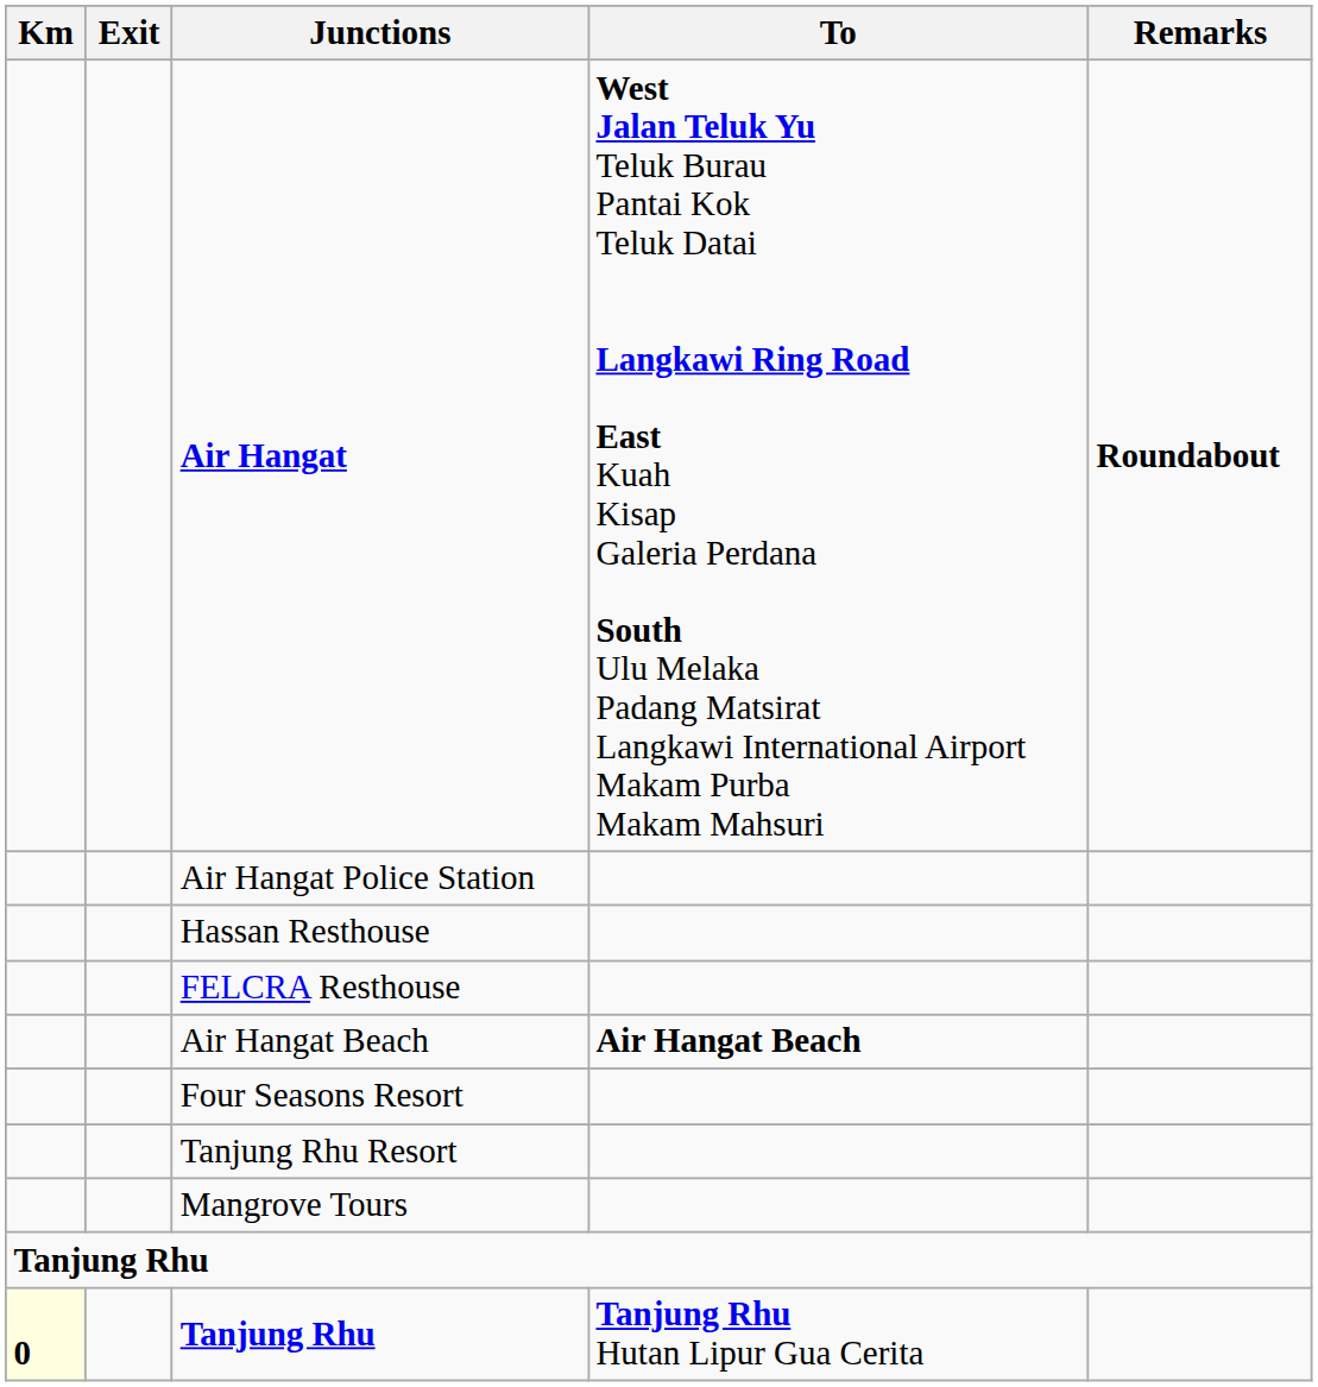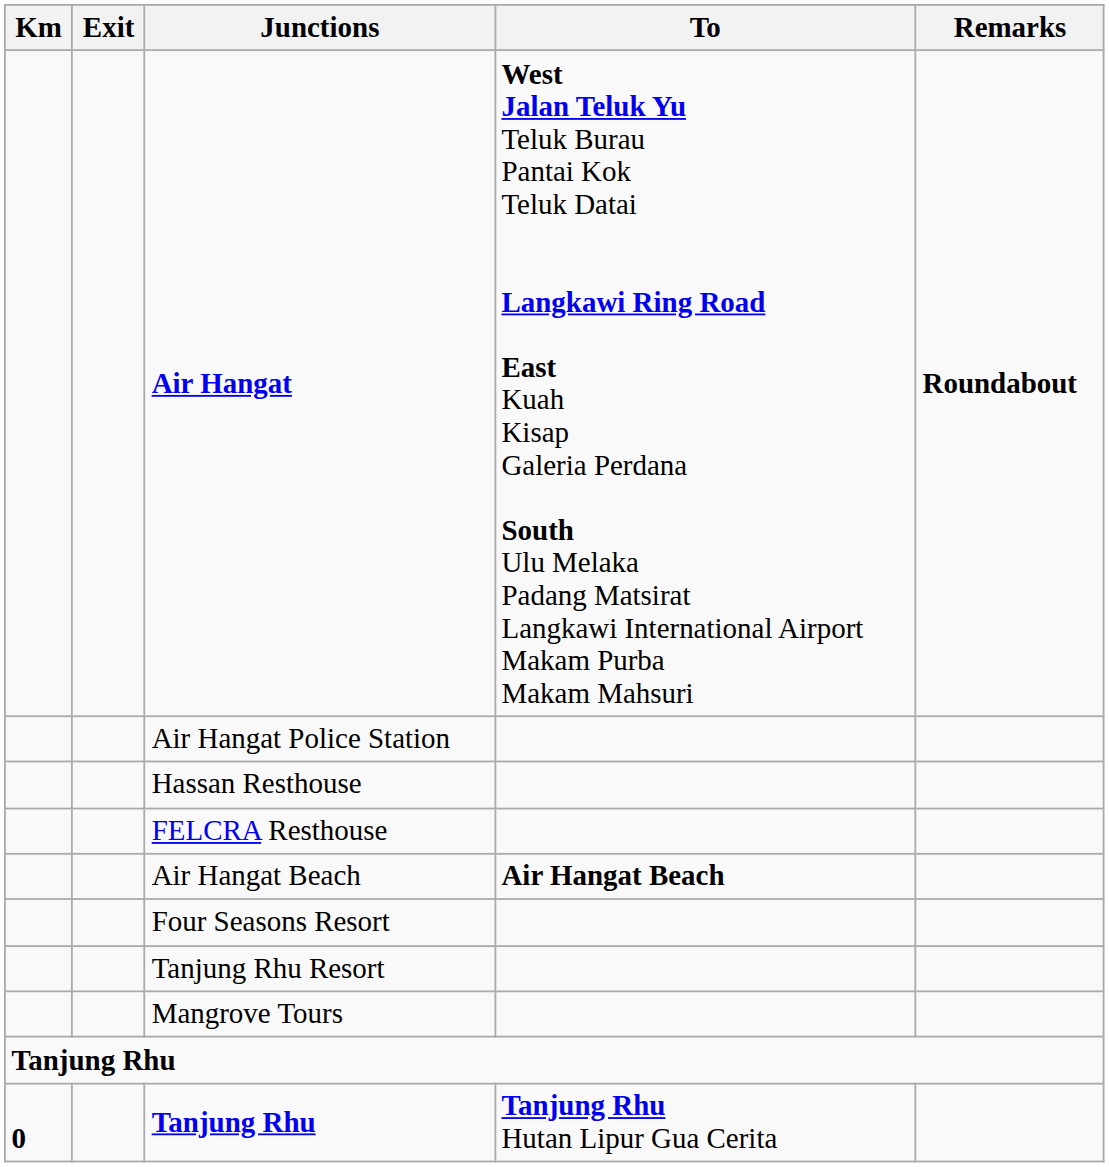 <table class="wikitable">
 <tr>
 <th>Km</th>
 <th>Exit</th>
 <th>Junctions</th>
 <th>To</th>
 <th>Remarks</th>
 </tr>
 <tr>
 <td></td>
 <td></td>
 <td><strong><a href='#'>Air Hangat</a></strong></td>
 <td><strong>West</strong><br> <strong><a href='#'>Jalan Teluk Yu</a></strong><br>Teluk Burau<br>Pantai Kok<br>Teluk Datai<br><br><br> <strong><a href='#'>Langkawi Ring Road</a></strong><br><br><strong>East</strong><br>Kuah<br>Kisap<br>Galeria Perdana<br><br><strong>South</strong><br>Ulu Melaka<br>Padang Matsirat<br>Langkawi International Airport <br>Makam Purba<br>Makam Mahsuri</td>
 <td><strong>Roundabout</strong></td>
 </tr>
 <tr>
 <td></td>
 <td></td>
 <td>Air Hangat Police Station</td>
 <td></td>
 <td></td>
 </tr>
 <tr>
 <td></td>
 <td></td>
 <td>Hassan Resthouse</td>
 <td></td>
 <td></td>
 </tr>
 <tr>
 <td></td>
 <td></td>
 <td><a href='#'>FELCRA</a> Resthouse</td>
 <td></td>
 <td></td>
 </tr>
 <tr>
 <td></td>
 <td></td>
 <td>Air Hangat Beach </td>
 <td><strong>Air Hangat Beach</strong> <br>   </td>
 <td></td>
 </tr>
 <tr>
 <td></td>
 <td></td>
 <td>Four Seasons Resort</td>
 <td></td>
 <td></td>
 </tr>
 <tr>
 <td></td>
 <td></td>
 <td>Tanjung Rhu Resort</td>
 <td></td>
 <td></td>
 </tr>
 <tr>
 <td></td>
 <td></td>
 <td>Mangrove Tours</td>
 <td></td>
 <td></td>
 </tr>
 <tr>
 <td style="width:600px" colspan="6" style="text-align:center; background:white;"><strong><span>Tanjung Rhu</span></strong></td>
 </tr>
 <tr>
-<td style="background: lightyellow;"><br><strong>0</strong></td>
+<td><br><strong>0</strong></td>
 <td></td>
 <td><strong><a href='#'>Tanjung Rhu</a></strong> </td>
 <td><strong><a href='#'>Tanjung Rhu</a></strong> <br>Hutan Lipur Gua Cerita<br>       </td>
 <td></td>
 </tr>
 </table>
